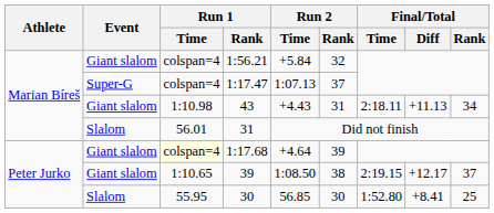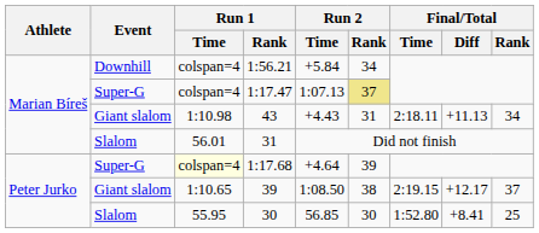 <table class="wikitable" style="font-size:90%">
 <tr>
 <th rowspan="2">Athlete</th>
 <th rowspan="2">Event</th>
 <th colspan="2">Run 1</th>
 <th colspan="2">Run 2</th>
 <th colspan="3">Final/Total</th>
 </tr>
 <tr>
 <th>Time</th>
 <th>Rank</th>
 <th>Time</th>
 <th>Rank</th>
 <th>Time</th>
 <th>Diff</th>
 <th>Rank</th>
 </tr>
 <tr align="center">
 <td align="left" rowspan=4><a href='#'>Marian Bíreš</a></td>
-<td align="left"><a href='#'>Giant slalom</a></td>
+<td align="left"><a href='#'>Downhill</a></td>
 <td>colspan=4 </td>
 <td>1:56.21</td>
 <td>+5.84</td>
-<td>32</td>
+<td>34</td>
 </tr>
 <tr align="center">
 <td align="left"><a href='#'>Super-G</a></td>
 <td>colspan=4 </td>
 <td>1:17.47</td>
 <td>1:07.13</td>
-<td>37</td>
+<td style="background: khaki;">37</td>
 </tr>
 <tr align="center">
 <td align="left"><a href='#'>Giant slalom</a></td>
 <td>1:10.98</td>
 <td>43</td>
 <td>+4.43</td>
 <td>31</td>
 <td>2:18.11</td>
 <td>+11.13</td>
 <td>34</td>
 </tr>
 <tr align="center">
 <td align="left"><a href='#'>Slalom</a></td>
 <td>56.01</td>
 <td>31</td>
 <td colspan=5>Did not finish</td>
 </tr>
 <tr align="center">
 <td align="left" rowspan=3><a href='#'>Peter Jurko</a></td>
-<td align="left"><a href='#'>Giant slalom</a></td>
+<td align="left"><a href='#'>Super-G</a></td>
 <td style="background: lightyellow;">colspan=4 </td>
 <td>1:17.68</td>
 <td>+4.64</td>
 <td>39</td>
 </tr>
 <tr align="center">
 <td align="left"><a href='#'>Giant slalom</a></td>
 <td>1:10.65</td>
 <td>39</td>
 <td>1:08.50</td>
 <td>38</td>
 <td>2:19.15</td>
 <td>+12.17</td>
 <td>37</td>
 </tr>
 <tr align="center">
 <td align="left"><a href='#'>Slalom</a></td>
 <td>55.95</td>
 <td>30</td>
 <td>56.85</td>
 <td>30</td>
 <td>1:52.80</td>
 <td>+8.41</td>
 <td>25</td>
 </tr>
 </table>
